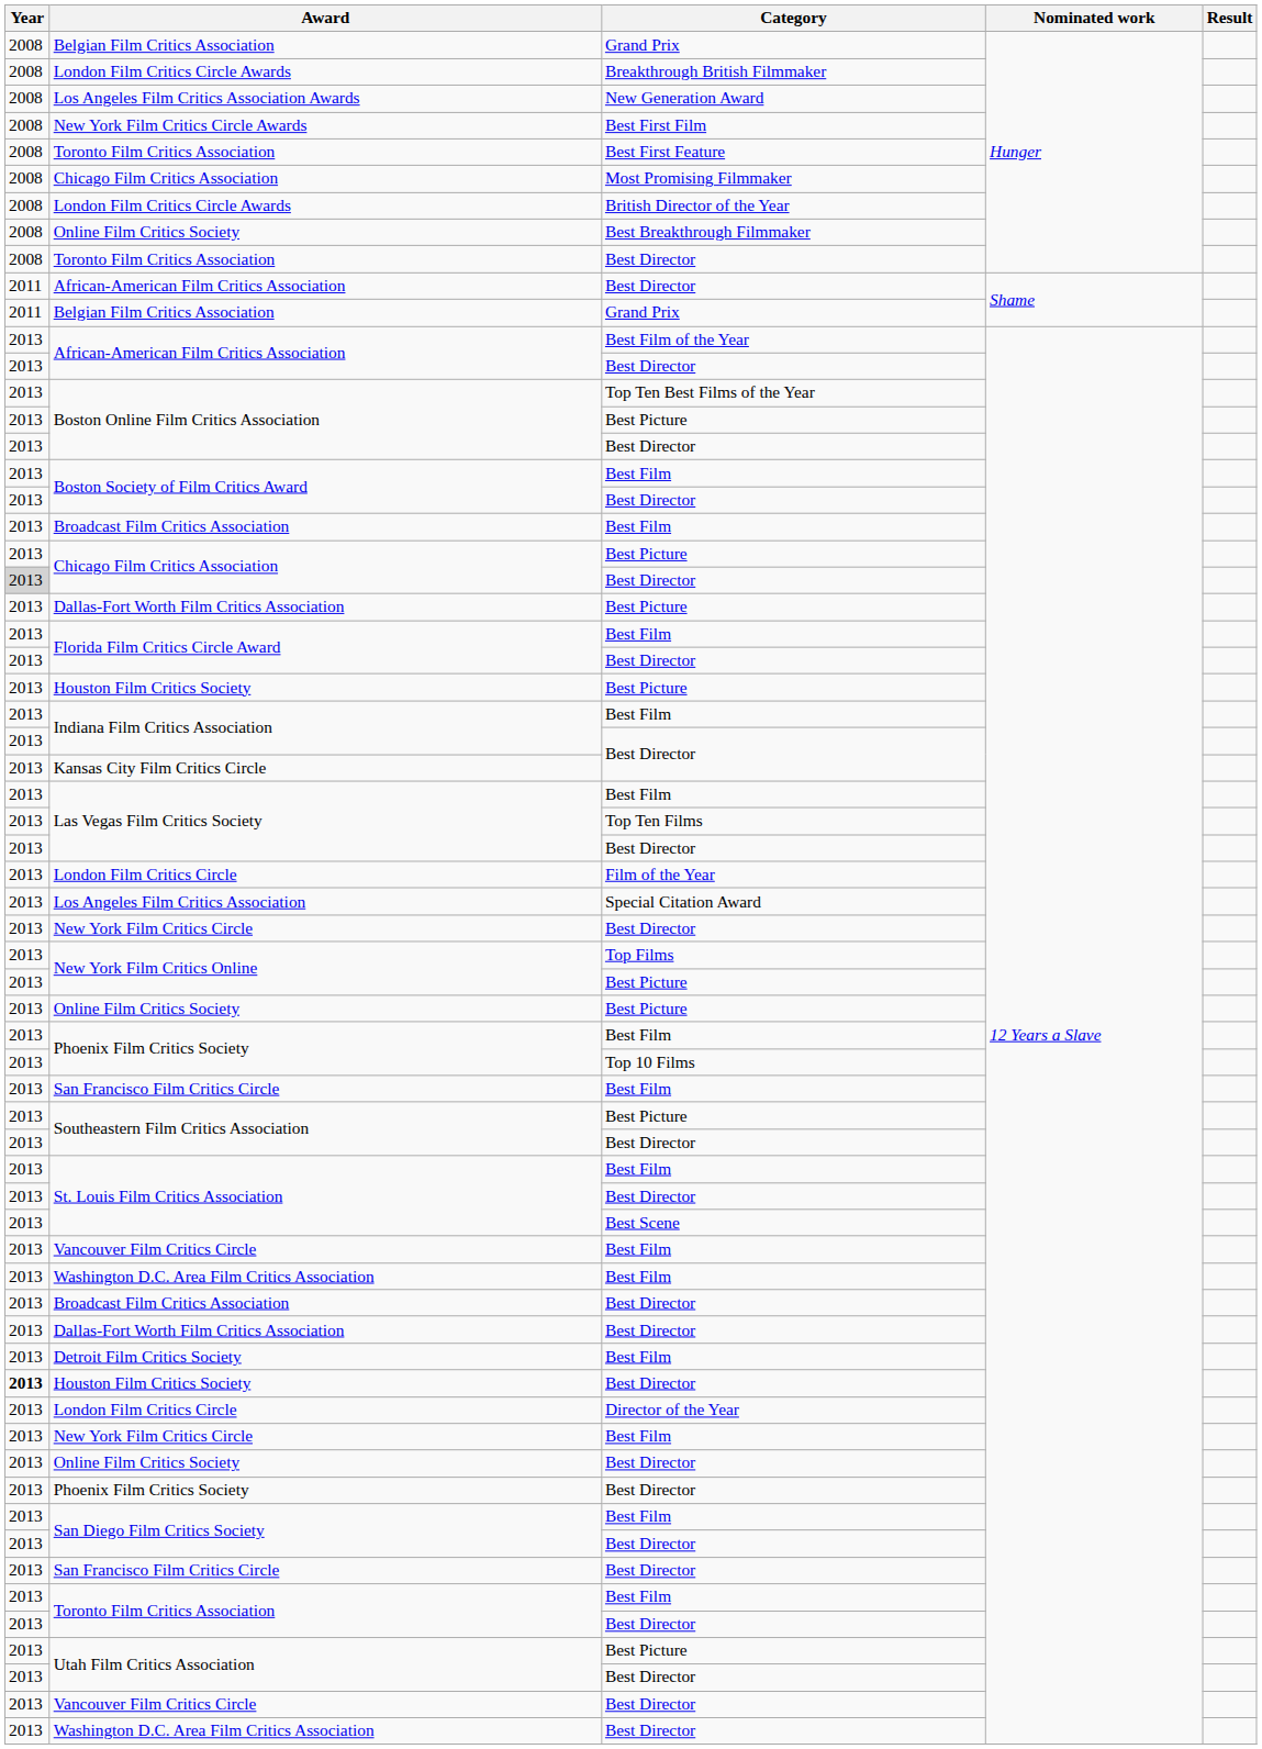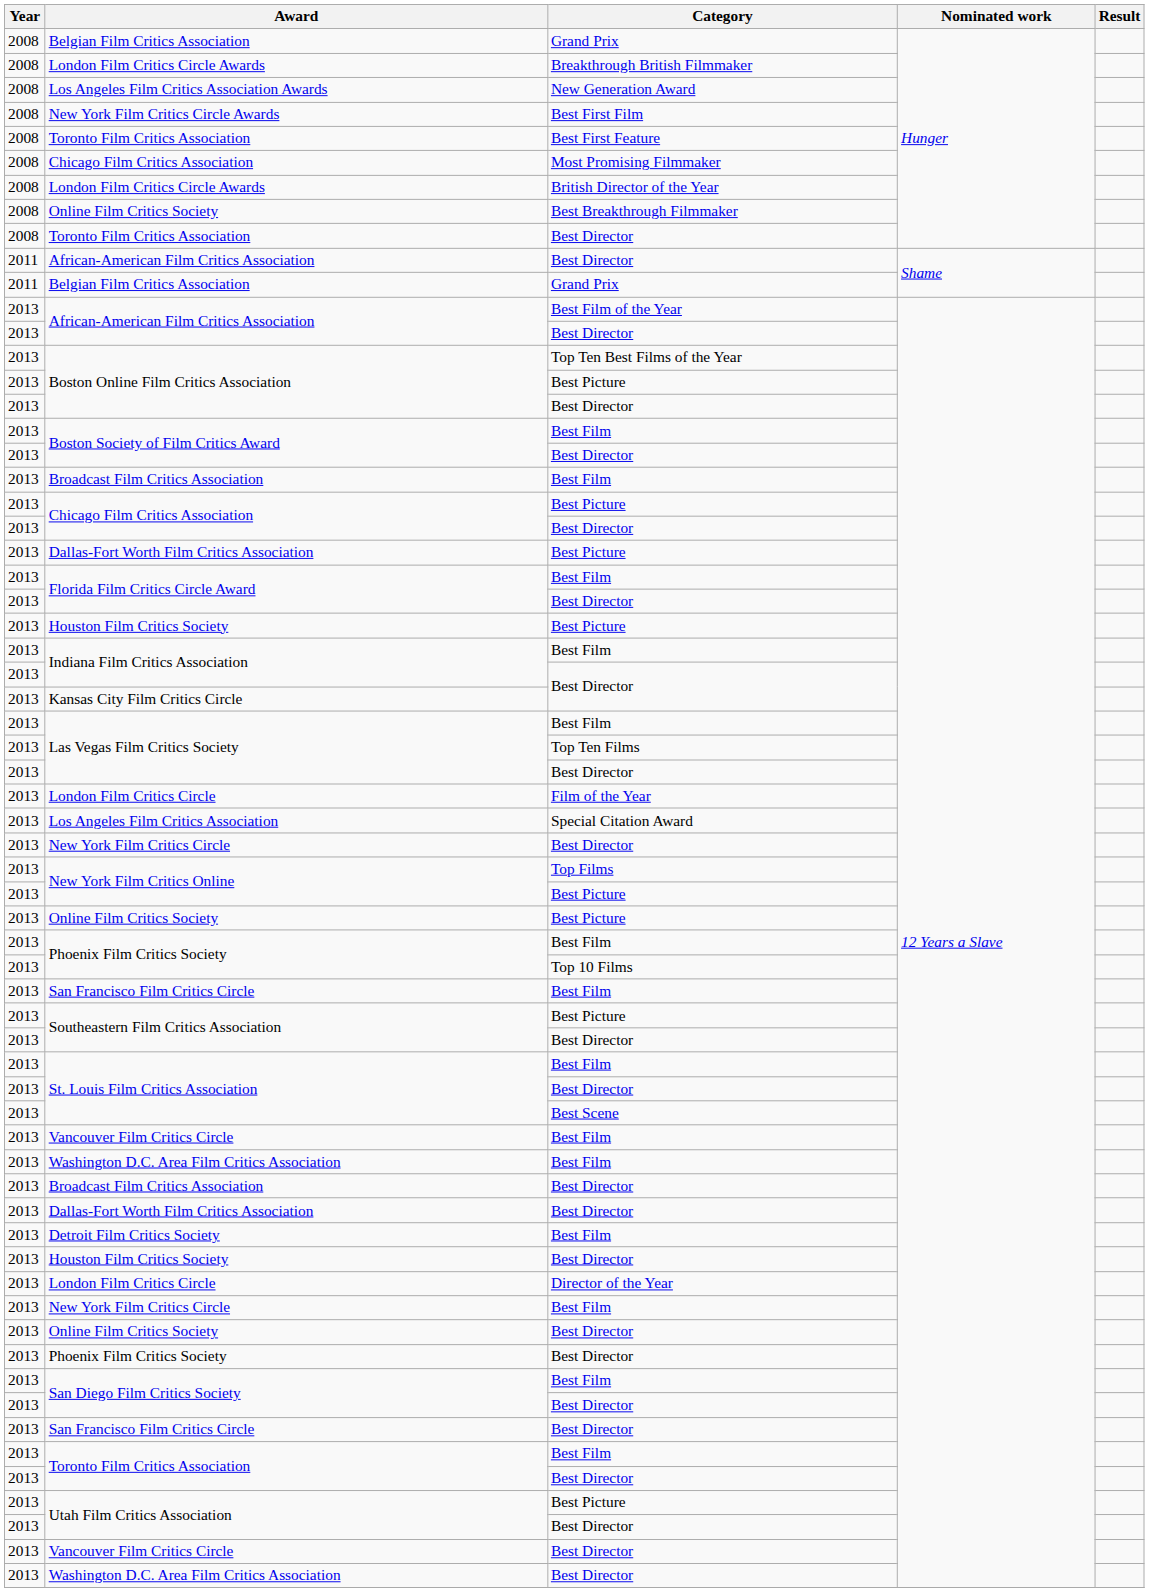 <table class="wikitable sortable" width = 75%>
 <tr>
 <th width=35px>Year</th>
 <th>Award</th>
 <th>Category</th>
 <th>Nominated work</th>
 <th width=40px>Result</th>
 </tr>
 <tr>
 <td>2008</td>
 <td><a href='#'>Belgian Film Critics Association</a></td>
 <td><a href='#'>Grand Prix</a></td>
 <td rowspan="9"><em><a href='#'>Hunger</a></em></td>
 <td></td>
 </tr>
 <tr>
 <td>2008</td>
 <td><a href='#'>London Film Critics Circle Awards</a></td>
 <td><a href='#'>Breakthrough British Filmmaker</a></td>
 <td></td>
 </tr>
 <tr>
 <td>2008</td>
 <td><a href='#'>Los Angeles Film Critics Association Awards</a></td>
 <td><a href='#'>New Generation Award</a></td>
 <td></td>
 </tr>
 <tr>
 <td>2008</td>
 <td><a href='#'>New York Film Critics Circle Awards</a></td>
 <td><a href='#'>Best First Film</a></td>
 <td></td>
 </tr>
 <tr>
 <td>2008</td>
 <td><a href='#'>Toronto Film Critics Association</a></td>
 <td><a href='#'>Best First Feature</a></td>
 <td></td>
 </tr>
 <tr>
 <td>2008</td>
 <td><a href='#'>Chicago Film Critics Association</a></td>
 <td><a href='#'>Most Promising Filmmaker</a></td>
 <td></td>
 </tr>
 <tr>
 <td>2008</td>
 <td><a href='#'>London Film Critics Circle Awards</a></td>
 <td><a href='#'>British Director of the Year</a></td>
 <td></td>
 </tr>
 <tr>
 <td>2008</td>
 <td><a href='#'>Online Film Critics Society</a></td>
 <td><a href='#'>Best Breakthrough Filmmaker</a></td>
 <td></td>
 </tr>
 <tr>
 <td>2008</td>
 <td><a href='#'>Toronto Film Critics Association</a></td>
 <td><a href='#'>Best Director</a></td>
 <td></td>
 </tr>
 <tr>
 <td>2011</td>
 <td><a href='#'>African-American Film Critics Association</a></td>
 <td><a href='#'>Best Director</a></td>
 <td rowspan="2"><em><a href='#'>Shame</a></em></td>
 <td></td>
 </tr>
 <tr>
 <td>2011</td>
 <td><a href='#'>Belgian Film Critics Association</a></td>
 <td><a href='#'>Grand Prix</a></td>
 <td></td>
 </tr>
 <tr>
 <td>2013</td>
 <td rowspan="2"><a href='#'>African-American Film Critics Association</a></td>
 <td><a href='#'>Best Film of the Year</a></td>
 <td rowspan="53"><em><a href='#'>12 Years a Slave</a></em></td>
 <td></td>
 </tr>
 <tr>
 <td>2013</td>
 <td><a href='#'>Best Director</a></td>
 <td></td>
 </tr>
 <tr>
 <td>2013</td>
 <td rowspan="3">Boston Online Film Critics Association</td>
 <td>Top Ten Best Films of the Year</td>
 <td></td>
 </tr>
 <tr>
 <td>2013</td>
 <td>Best Picture</td>
 <td></td>
 </tr>
 <tr>
 <td>2013</td>
 <td>Best Director</td>
 <td></td>
 </tr>
 <tr>
 <td>2013</td>
 <td rowspan="2"><a href='#'>Boston Society of Film Critics Award</a></td>
 <td><a href='#'>Best Film</a></td>
 <td></td>
 </tr>
 <tr>
 <td>2013</td>
 <td><a href='#'>Best Director</a></td>
 <td></td>
 </tr>
 <tr>
 <td>2013</td>
 <td><a href='#'>Broadcast Film Critics Association</a></td>
 <td><a href='#'>Best Film</a></td>
 <td></td>
 </tr>
 <tr>
 <td>2013</td>
 <td rowspan="2"><a href='#'>Chicago Film Critics Association</a></td>
 <td><a href='#'>Best Picture</a></td>
 <td></td>
 </tr>
 <tr>
-<td style="background: lightgrey;">2013</td>
+<td>2013</td>
 <td><a href='#'>Best Director</a></td>
 <td></td>
 </tr>
 <tr>
 <td>2013</td>
 <td><a href='#'>Dallas-Fort Worth Film Critics Association</a></td>
 <td><a href='#'>Best Picture</a></td>
 <td></td>
 </tr>
 <tr>
 <td>2013</td>
 <td rowspan="2"><a href='#'>Florida Film Critics Circle Award</a></td>
 <td><a href='#'>Best Film</a></td>
 <td></td>
 </tr>
 <tr>
 <td>2013</td>
 <td><a href='#'>Best Director</a></td>
 <td></td>
 </tr>
 <tr>
 <td>2013</td>
 <td><a href='#'>Houston Film Critics Society</a></td>
 <td><a href='#'>Best Picture</a></td>
 <td></td>
 </tr>
 <tr>
 <td>2013</td>
 <td rowspan="2">Indiana Film Critics Association</td>
 <td>Best Film</td>
 <td></td>
 </tr>
 <tr>
 <td>2013</td>
 <td rowspan="2">Best Director</td>
 <td></td>
 </tr>
 <tr>
 <td>2013</td>
 <td>Kansas City Film Critics Circle</td>
 <td></td>
 </tr>
 <tr>
 <td>2013</td>
 <td rowspan="3">Las Vegas Film Critics Society</td>
 <td>Best Film</td>
 <td></td>
 </tr>
 <tr>
 <td>2013</td>
 <td>Top Ten Films</td>
 <td></td>
 </tr>
 <tr>
 <td>2013</td>
 <td>Best Director</td>
 <td></td>
 </tr>
 <tr>
 <td>2013</td>
 <td><a href='#'>London Film Critics Circle</a></td>
 <td><a href='#'>Film of the Year</a></td>
 <td></td>
 </tr>
 <tr>
 <td>2013</td>
 <td><a href='#'>Los Angeles Film Critics Association</a></td>
 <td>Special Citation Award</td>
 <td></td>
 </tr>
 <tr>
 <td>2013</td>
 <td><a href='#'>New York Film Critics Circle</a></td>
 <td><a href='#'>Best Director</a></td>
 <td></td>
 </tr>
 <tr>
 <td>2013</td>
 <td rowspan="2"><a href='#'>New York Film Critics Online</a></td>
 <td><a href='#'>Top Films</a></td>
 <td></td>
 </tr>
 <tr>
 <td>2013</td>
 <td><a href='#'>Best Picture</a></td>
 <td></td>
 </tr>
 <tr>
 <td>2013</td>
 <td><a href='#'>Online Film Critics Society</a></td>
 <td><a href='#'>Best Picture</a></td>
 <td></td>
 </tr>
 <tr>
 <td>2013</td>
 <td rowspan="2">Phoenix Film Critics Society</td>
 <td>Best Film</td>
 <td></td>
 </tr>
 <tr>
 <td>2013</td>
 <td>Top 10 Films</td>
 <td></td>
 </tr>
 <tr>
 <td>2013</td>
 <td><a href='#'>San Francisco Film Critics Circle</a></td>
 <td><a href='#'>Best Film</a></td>
 <td></td>
 </tr>
 <tr>
 <td>2013</td>
 <td rowspan="2">Southeastern Film Critics Association</td>
 <td>Best Picture</td>
 <td></td>
 </tr>
 <tr>
 <td>2013</td>
 <td>Best Director</td>
 <td></td>
 </tr>
 <tr>
 <td>2013</td>
 <td rowspan="3"><a href='#'>St. Louis Film Critics Association</a></td>
 <td><a href='#'>Best Film</a></td>
 <td></td>
 </tr>
 <tr>
 <td>2013</td>
 <td><a href='#'>Best Director</a></td>
 <td></td>
 </tr>
 <tr>
 <td>2013</td>
 <td><a href='#'>Best Scene</a></td>
 <td></td>
 </tr>
 <tr>
 <td>2013</td>
 <td><a href='#'>Vancouver Film Critics Circle</a></td>
 <td><a href='#'>Best Film</a></td>
 <td></td>
 </tr>
 <tr>
 <td>2013</td>
 <td><a href='#'>Washington D.C. Area Film Critics Association</a></td>
 <td><a href='#'>Best Film</a></td>
 <td></td>
 </tr>
 <tr>
 <td>2013</td>
 <td><a href='#'>Broadcast Film Critics Association</a></td>
 <td><a href='#'>Best Director</a></td>
 <td></td>
 </tr>
 <tr>
 <td>2013</td>
 <td><a href='#'>Dallas-Fort Worth Film Critics Association</a></td>
 <td><a href='#'>Best Director</a></td>
 <td></td>
 </tr>
 <tr>
 <td>2013</td>
 <td><a href='#'>Detroit Film Critics Society</a></td>
 <td><a href='#'>Best Film</a></td>
 <td></td>
 </tr>
 <tr>
-<td><strong>2013</strong></td>
+<td>2013</td>
 <td><a href='#'>Houston Film Critics Society</a></td>
 <td><a href='#'>Best Director</a></td>
 <td></td>
 </tr>
 <tr>
 <td>2013</td>
 <td><a href='#'>London Film Critics Circle</a></td>
 <td><a href='#'>Director of the Year</a></td>
 <td></td>
 </tr>
 <tr>
 <td>2013</td>
 <td><a href='#'>New York Film Critics Circle</a></td>
 <td><a href='#'>Best Film</a></td>
 <td></td>
 </tr>
 <tr>
 <td>2013</td>
 <td><a href='#'>Online Film Critics Society</a></td>
 <td><a href='#'>Best Director</a></td>
 <td></td>
 </tr>
 <tr>
 <td>2013</td>
 <td>Phoenix Film Critics Society</td>
 <td>Best Director</td>
 <td></td>
 </tr>
 <tr>
 <td>2013</td>
 <td rowspan="2"><a href='#'>San Diego Film Critics Society</a></td>
 <td><a href='#'>Best Film</a></td>
 <td></td>
 </tr>
 <tr>
 <td>2013</td>
 <td><a href='#'>Best Director</a></td>
 <td></td>
 </tr>
 <tr>
 <td>2013</td>
 <td><a href='#'>San Francisco Film Critics Circle</a></td>
 <td><a href='#'>Best Director</a></td>
 <td></td>
 </tr>
 <tr>
 <td>2013</td>
 <td rowspan="2"><a href='#'>Toronto Film Critics Association</a></td>
 <td><a href='#'>Best Film</a></td>
 <td></td>
 </tr>
 <tr>
 <td>2013</td>
 <td><a href='#'>Best Director</a></td>
 <td></td>
 </tr>
 <tr>
 <td>2013</td>
 <td rowspan="2">Utah Film Critics Association</td>
 <td>Best Picture</td>
 <td></td>
 </tr>
 <tr>
 <td>2013</td>
 <td>Best Director</td>
 <td></td>
 </tr>
 <tr>
 <td>2013</td>
 <td><a href='#'>Vancouver Film Critics Circle</a></td>
 <td><a href='#'>Best Director</a></td>
 <td></td>
 </tr>
 <tr>
 <td>2013</td>
 <td><a href='#'>Washington D.C. Area Film Critics Association</a></td>
 <td><a href='#'>Best Director</a></td>
 <td></td>
 </tr>
 <tr>
 </tr>
 </table>
